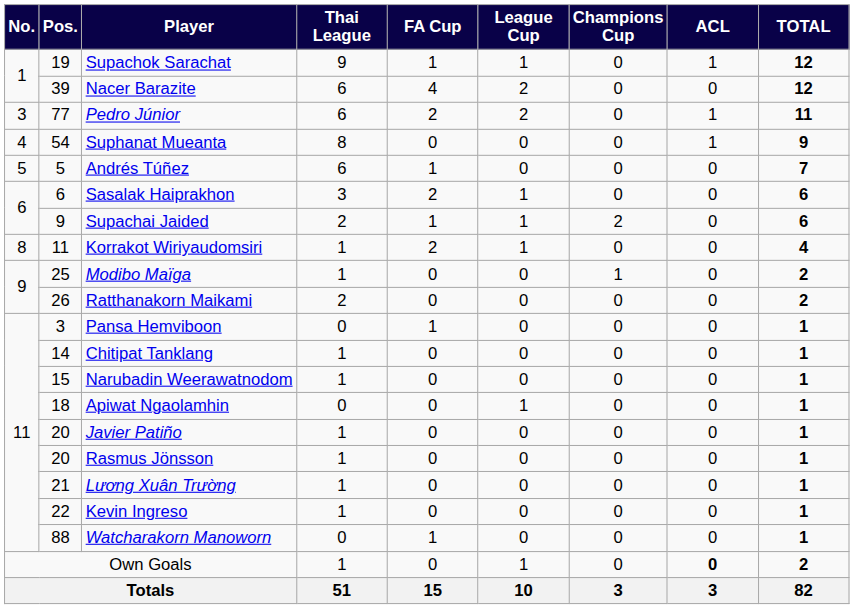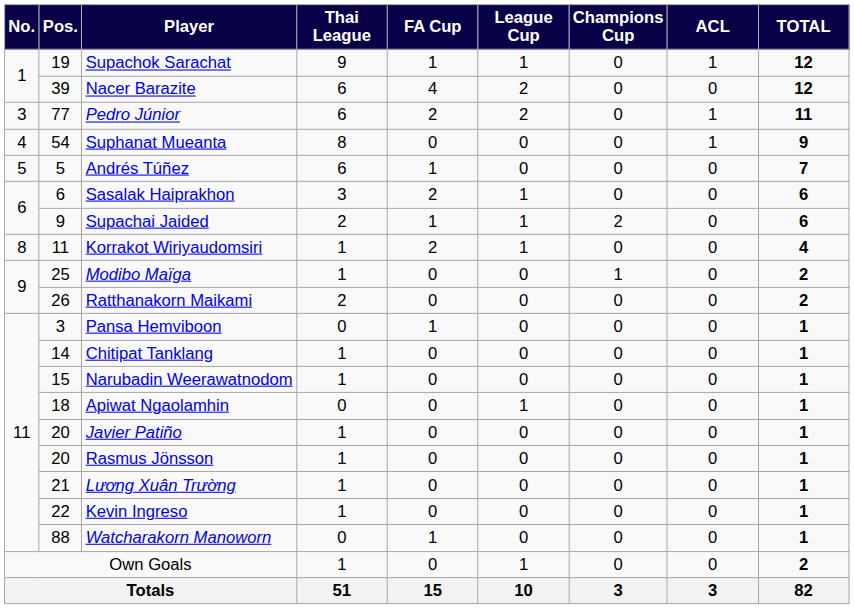 <table class="wikitable sortable alternance" style="text-align: center">
 <tr>
 <th style="background:#090148; color:white; text-align:center;">No.</th>
 <th style="background:#090148; color:white; text-align:center;">Pos.</th>
 <th style="background:#090148; color:white; text-align:center;">Player</th>
 <th width=80 style="background:#090148; color:white; text-align:center;">Thai League</th>
 <th width=80 style="background:#090148; color:white; text-align:center;">FA Cup</th>
 <th width=80 style="background:#090148; color:white; text-align:center;">League Cup</th>
 <th width=80 style="background:#090148; color:white; text-align:center;">Champions Cup</th>
 <th width=80 style="background:#090148; color:white; text-align:center;">ACL</th>
 <th width=80 style="background:#090148; color:white; text-align:center;">TOTAL</th>
 </tr>
 <tr>
 <td rowspan=2>1</td>
 <td>19</td>
 <td align="left"> <a href='#'>Supachok Sarachat</a></td>
 <td>9</td>
 <td>1</td>
 <td>1</td>
 <td>0</td>
 <td>1</td>
 <td><strong>12</strong></td>
 </tr>
 <tr>
 <td>39</td>
 <td align="left"> <a href='#'>Nacer Barazite</a></td>
 <td>6</td>
 <td>4</td>
 <td>2</td>
 <td>0</td>
 <td>0</td>
 <td><strong>12</strong></td>
 </tr>
 <tr>
 <td>3</td>
 <td>77</td>
 <td align="left"> <em><a href='#'>Pedro Júnior</a></em></td>
 <td>6</td>
 <td>2</td>
 <td>2</td>
 <td>0</td>
 <td>1</td>
 <td><strong>11</strong></td>
 </tr>
 <tr>
 <td>4</td>
 <td>54</td>
 <td align="left"> <a href='#'>Suphanat Mueanta</a></td>
 <td>8</td>
 <td>0</td>
 <td>0</td>
 <td>0</td>
 <td>1</td>
 <td><strong>9</strong></td>
 </tr>
 <tr>
 <td>5</td>
 <td>5</td>
 <td align="left"> <a href='#'>Andrés Túñez</a></td>
 <td>6</td>
 <td>1</td>
 <td>0</td>
 <td>0</td>
 <td>0</td>
 <td><strong>7</strong></td>
 </tr>
 <tr>
 <td rowspan=2>6</td>
 <td>6</td>
 <td align="left"> <a href='#'>Sasalak Haiprakhon</a></td>
 <td>3</td>
 <td>2</td>
 <td>1</td>
 <td>0</td>
 <td>0</td>
 <td><strong>6</strong></td>
 </tr>
 <tr>
 <td>9</td>
 <td align="left"> <a href='#'>Supachai Jaided</a></td>
 <td>2</td>
 <td>1</td>
 <td>1</td>
 <td>2</td>
 <td>0</td>
 <td><strong>6</strong></td>
 </tr>
 <tr>
 <td>8</td>
 <td>11</td>
 <td align="left"> <a href='#'>Korrakot Wiriyaudomsiri</a></td>
 <td>1</td>
 <td>2</td>
 <td>1</td>
 <td>0</td>
 <td>0</td>
 <td><strong>4</strong></td>
 </tr>
 <tr>
 <td rowspan=2>9</td>
 <td>25</td>
 <td align="left"> <em><a href='#'>Modibo Maïga</a></em></td>
 <td>1</td>
 <td>0</td>
 <td>0</td>
 <td>1</td>
 <td>0</td>
 <td><strong>2</strong></td>
 </tr>
 <tr>
 <td>26</td>
 <td align="left"> <a href='#'>Ratthanakorn Maikami</a></td>
 <td>2</td>
 <td>0</td>
 <td>0</td>
 <td>0</td>
 <td>0</td>
 <td><strong>2</strong></td>
 </tr>
 <tr>
 <td rowspan=9>11</td>
 <td>3</td>
 <td align="left"> <a href='#'>Pansa Hemviboon</a></td>
 <td>0</td>
 <td>1</td>
 <td>0</td>
 <td>0</td>
 <td>0</td>
 <td><strong>1</strong></td>
 </tr>
 <tr>
 <td>14</td>
 <td align="left"> <a href='#'>Chitipat Tanklang</a></td>
 <td>1</td>
 <td>0</td>
 <td>0</td>
 <td>0</td>
 <td>0</td>
 <td><strong>1</strong></td>
 </tr>
 <tr>
 <td>15</td>
 <td align="left"> <a href='#'>Narubadin Weerawatnodom</a></td>
 <td>1</td>
 <td>0</td>
 <td>0</td>
 <td>0</td>
 <td>0</td>
 <td><strong>1</strong></td>
 </tr>
 <tr>
 <td>18</td>
 <td align="left"> <a href='#'>Apiwat Ngaolamhin</a></td>
 <td>0</td>
 <td>0</td>
 <td>1</td>
 <td>0</td>
 <td>0</td>
 <td><strong>1</strong></td>
 </tr>
 <tr>
 <td>20</td>
 <td align="left"> <em><a href='#'>Javier Patiño</a></em></td>
 <td>1</td>
 <td>0</td>
 <td>0</td>
 <td>0</td>
 <td>0</td>
 <td><strong>1</strong></td>
 </tr>
 <tr>
 <td>20</td>
 <td align="left"> <a href='#'>Rasmus Jönsson</a></td>
 <td>1</td>
 <td>0</td>
 <td>0</td>
 <td>0</td>
 <td>0</td>
 <td><strong>1</strong></td>
 </tr>
 <tr>
 <td>21</td>
 <td align="left"> <em><a href='#'>Lương Xuân Trường</a></em></td>
 <td>1</td>
 <td>0</td>
 <td>0</td>
 <td>0</td>
 <td>0</td>
 <td><strong>1</strong></td>
 </tr>
 <tr>
 <td>22</td>
 <td align="left"> <a href='#'>Kevin Ingreso</a></td>
 <td>1</td>
 <td>0</td>
 <td>0</td>
 <td>0</td>
 <td>0</td>
 <td><strong>1</strong></td>
 </tr>
 <tr>
 <td>88</td>
 <td align="left"> <em><a href='#'>Watcharakorn Manoworn</a></em></td>
 <td>0</td>
 <td>1</td>
 <td>0</td>
 <td>0</td>
 <td>0</td>
 <td><strong>1</strong></td>
 </tr>
 <tr class="sortbottom">
 <td colspan="3">Own Goals</td>
 <td>1</td>
 <td>0</td>
 <td>1</td>
 <td>0</td>
-<td><strong>0</strong></td>
+<td>0</td>
 <td><strong>2</strong></td>
 </tr>
 <tr class="sortbottom">
 <th colspan="3">Totals</th>
 <th>51</th>
 <th>15</th>
 <th>10</th>
 <th>3</th>
 <th>3</th>
 <th>82</th>
 </tr>
 </table>
